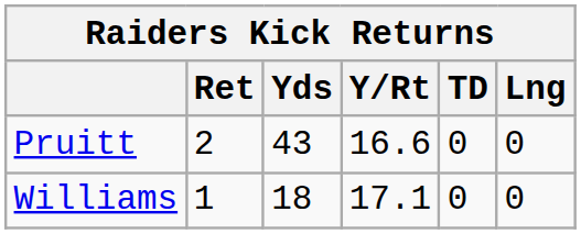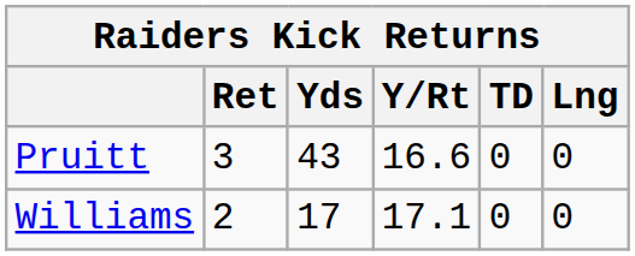 <table class="wikitable">
 <tr>
 <th colspan="6">Raiders Kick Returns</th>
 </tr>
 <tr>
 <th></th>
 <th>Ret</th>
 <th>Yds</th>
 <th>Y/Rt</th>
 <th>TD</th>
 <th>Lng</th>
 </tr>
 <tr>
 <td><a href='#'>Pruitt</a></td>
-<td>2</td>
+<td>3</td>
 <td>43</td>
 <td>16.6</td>
 <td>0</td>
 <td>0</td>
 </tr>
 <tr>
 <td><a href='#'>Williams</a></td>
-<td>1</td>
-<td>18</td>
+<td>2</td>
+<td>17</td>
 <td>17.1</td>
 <td>0</td>
 <td>0</td>
 </tr>
 </table>
